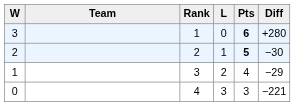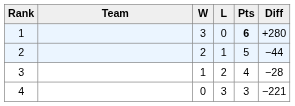 <table style=border-collapse:collapse border=1 cellspacing=0 cellpadding=5>
 <tr align=center bgcolor=#efefef>
+<th width=20>Rank</th>
+<th width=220>Team</th>
 <th width=20>W</th>
-<th width=220>Team</th>
-<th width=20>Rank</th>
 <th width=20>L</th>
 <th width=20>Pts</th>
 <th width=25>Diff</th>
 </tr>
 <tr align=center bgcolor=#EBF5FF>
+<td>1</td>
+<td align=left></td>
 <td>3</td>
-<td align=left></td>
-<td>1</td>
 <td>0</td>
 <td><strong>6</strong></td>
 <td>+280</td>
 </tr>
 <tr align=center bgcolor=#EBF5FF>
 <td>2</td>
 <td align=left></td>
 <td>2</td>
 <td>1</td>
-<td><strong>5</strong></td>
-<td>−30</td>
+<td>5</td>
+<td>−44</td>
 </tr>
 <tr align=center>
+<td>3</td>
+<td align=left></td>
 <td>1</td>
-<td align=left></td>
-<td>3</td>
 <td>2</td>
 <td>4</td>
-<td>−29</td>
+<td>−28</td>
 </tr>
 <tr align=center>
+<td>4</td>
+<td align=left></td>
 <td>0</td>
-<td align=left></td>
-<td>4</td>
 <td>3</td>
 <td>3</td>
 <td>−221</td>
 </tr>
 </table>
